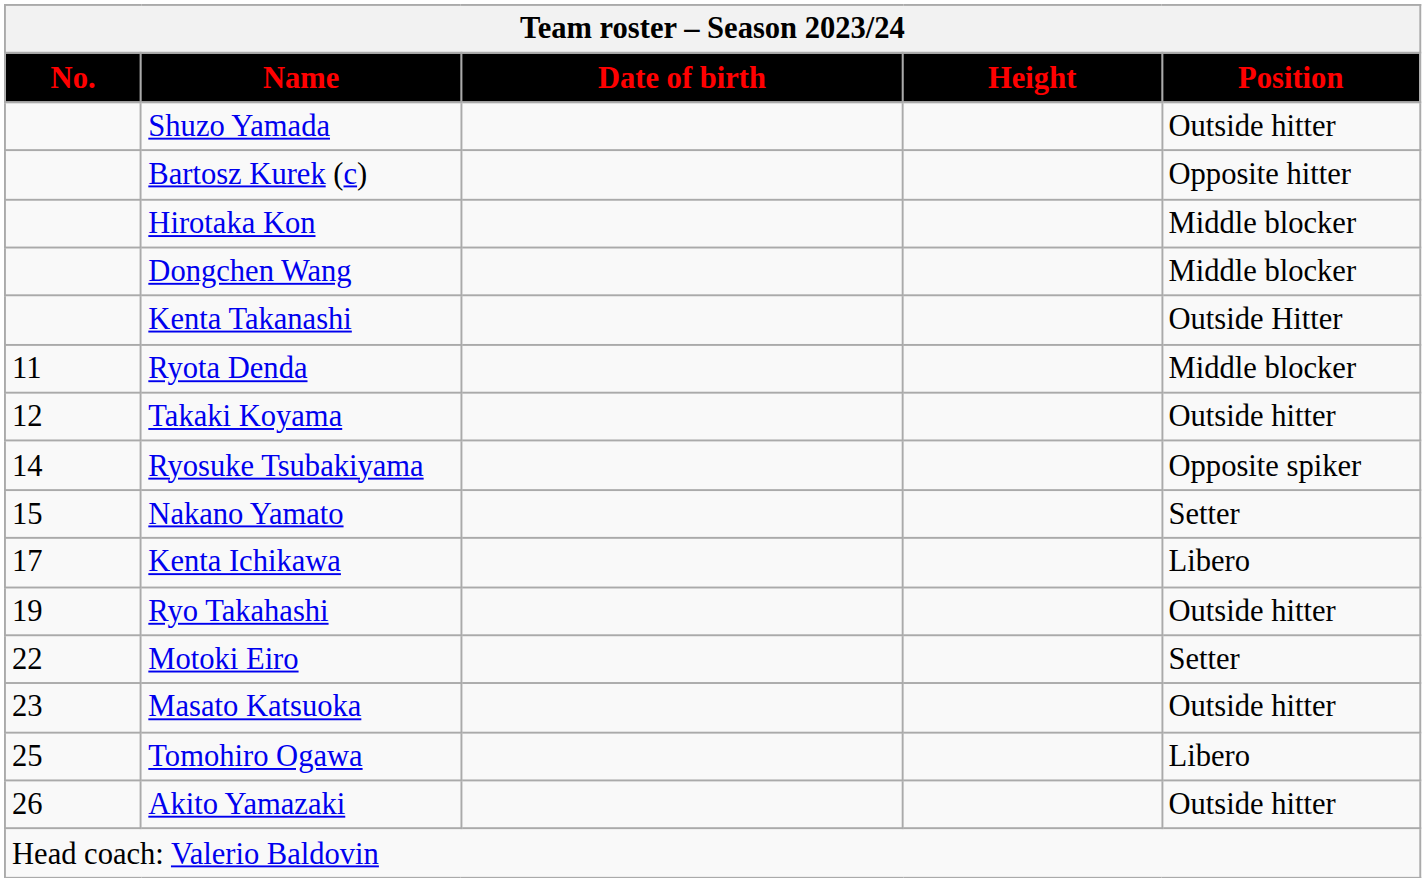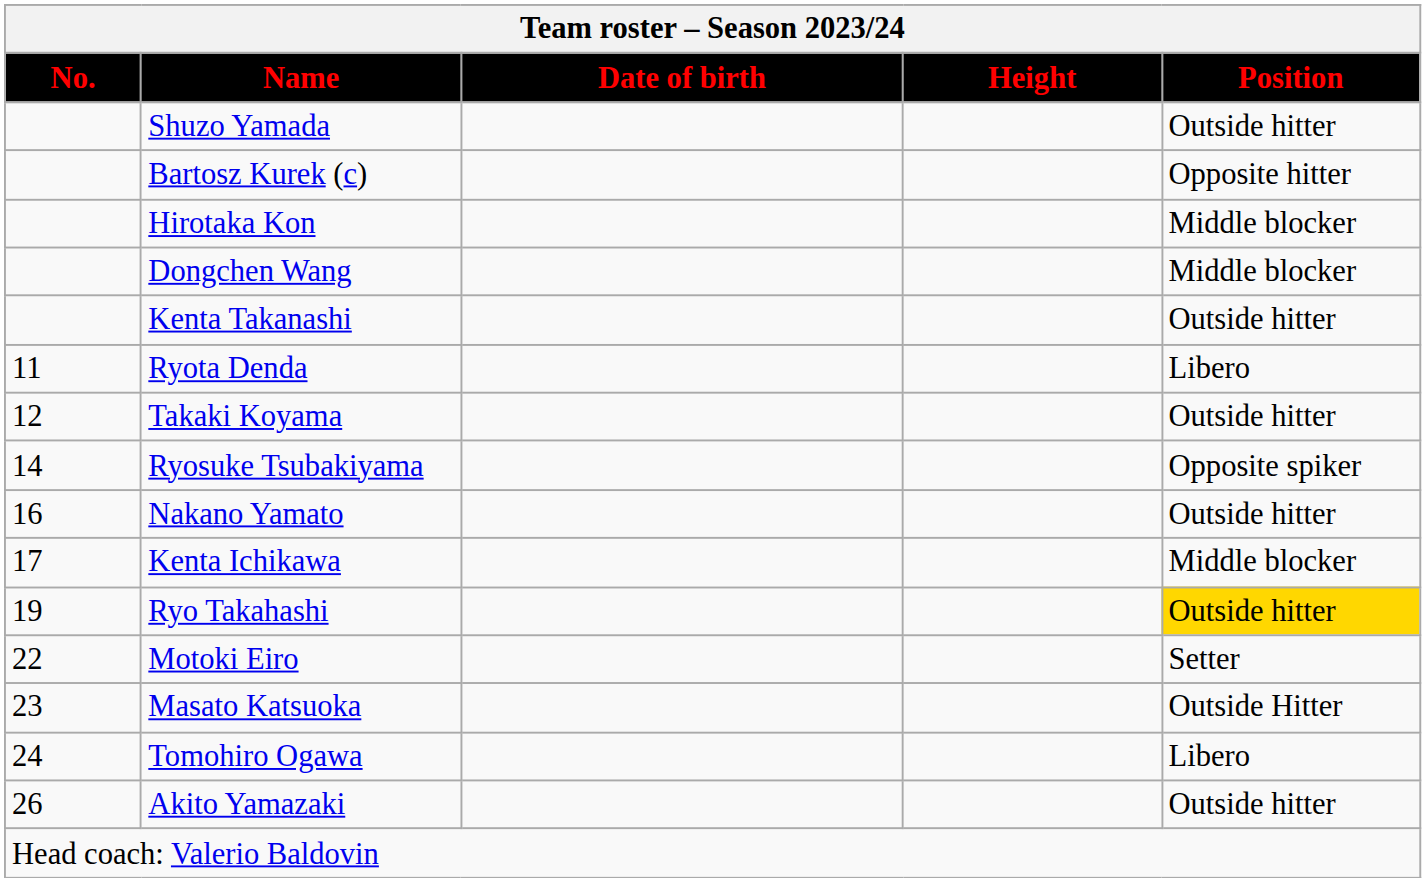 <table class="wikitable collapsible collapsed sortable" style="font-size:">
 <tr>
 <th colspan=6>Team roster – Season 2023/24</th>
 </tr>
 <tr>
 <th style="width:4em; color:red; background-color:black">No.</th>
 <th style="width:10em; color:red; background-color:black">Name</th>
 <th style="width:14em; color:red; background-color:black">Date of birth</th>
 <th style="width:8em; color:red; background-color:black">Height</th>
 <th style="width:8em; color:red; background-color:black">Position</th>
 </tr>
 <tr>
 <td></td>
 <td style="text-align:left;"><a href='#'>Shuzo Yamada</a></td>
 <td style="text-align:right;"></td>
 <td></td>
 <td>Outside hitter</td>
 </tr>
 <tr>
 <td></td>
 <td style="text-align:left;"><a href='#'>Bartosz Kurek</a> (<a href='#'>c</a>)</td>
 <td style="text-align:right;"></td>
 <td></td>
 <td>Opposite hitter</td>
 </tr>
 <tr>
 <td></td>
 <td style="text-align:left;"><a href='#'>Hirotaka Kon</a></td>
 <td style="text-align:right;"></td>
 <td></td>
 <td>Middle blocker</td>
 </tr>
 <tr>
 <td></td>
 <td style="text-align:left;"><a href='#'>Dongchen Wang</a></td>
 <td style="text-align:right;"></td>
 <td></td>
 <td>Middle blocker</td>
 </tr>
 <tr>
 <td></td>
 <td style="text-align:left;"><a href='#'>Kenta Takanashi</a></td>
 <td style="text-align:right;"></td>
 <td></td>
-<td>Outside Hitter</td>
+<td>Outside hitter</td>
 </tr>
 <tr>
 <td>11</td>
 <td style="text-align:left;"><a href='#'>Ryota Denda</a></td>
 <td style="text-align:right;"></td>
 <td></td>
-<td>Middle blocker</td>
+<td>Libero</td>
 </tr>
 <tr>
 <td>12</td>
 <td style="text-align:left;"><a href='#'>Takaki Koyama</a></td>
 <td align=right></td>
 <td></td>
 <td>Outside hitter</td>
 </tr>
 <tr>
 <td>14</td>
 <td align=left><a href='#'>Ryosuke Tsubakiyama</a></td>
 <td align=right></td>
 <td></td>
 <td>Opposite spiker</td>
 </tr>
 <tr>
-<td>15</td>
+<td>16</td>
 <td align=left><a href='#'>Nakano Yamato</a></td>
 <td align=right></td>
 <td></td>
-<td>Setter</td>
+<td>Outside hitter</td>
 </tr>
 <tr>
 <td>17</td>
 <td align=left><a href='#'>Kenta Ichikawa</a></td>
 <td align=right></td>
 <td></td>
-<td>Libero</td>
+<td>Middle blocker</td>
 </tr>
 <tr>
 <td>19</td>
 <td align=left><a href='#'>Ryo Takahashi</a></td>
 <td align=right></td>
 <td></td>
-<td>Outside hitter</td>
+<td style="background: gold;">Outside hitter</td>
 </tr>
 <tr>
 <td>22</td>
 <td align=left><a href='#'>Motoki Eiro</a></td>
 <td align=right></td>
 <td></td>
 <td>Setter</td>
 </tr>
 <tr>
 <td>23</td>
 <td align=left><a href='#'>Masato Katsuoka</a></td>
 <td align=right></td>
 <td></td>
-<td>Outside hitter</td>
+<td>Outside Hitter</td>
 </tr>
 <tr>
-<td>25</td>
+<td>24</td>
 <td align=left><a href='#'>Tomohiro Ogawa</a></td>
 <td align=right></td>
 <td></td>
 <td>Libero</td>
 </tr>
 <tr>
 <td>26</td>
 <td align=left><a href='#'>Akito Yamazaki</a></td>
 <td align=right></td>
 <td></td>
 <td>Outside hitter</td>
 </tr>
 <tr>
 <td colspan=5>Head coach:  <a href='#'>Valerio Baldovin</a></td>
 </tr>
 </table>
